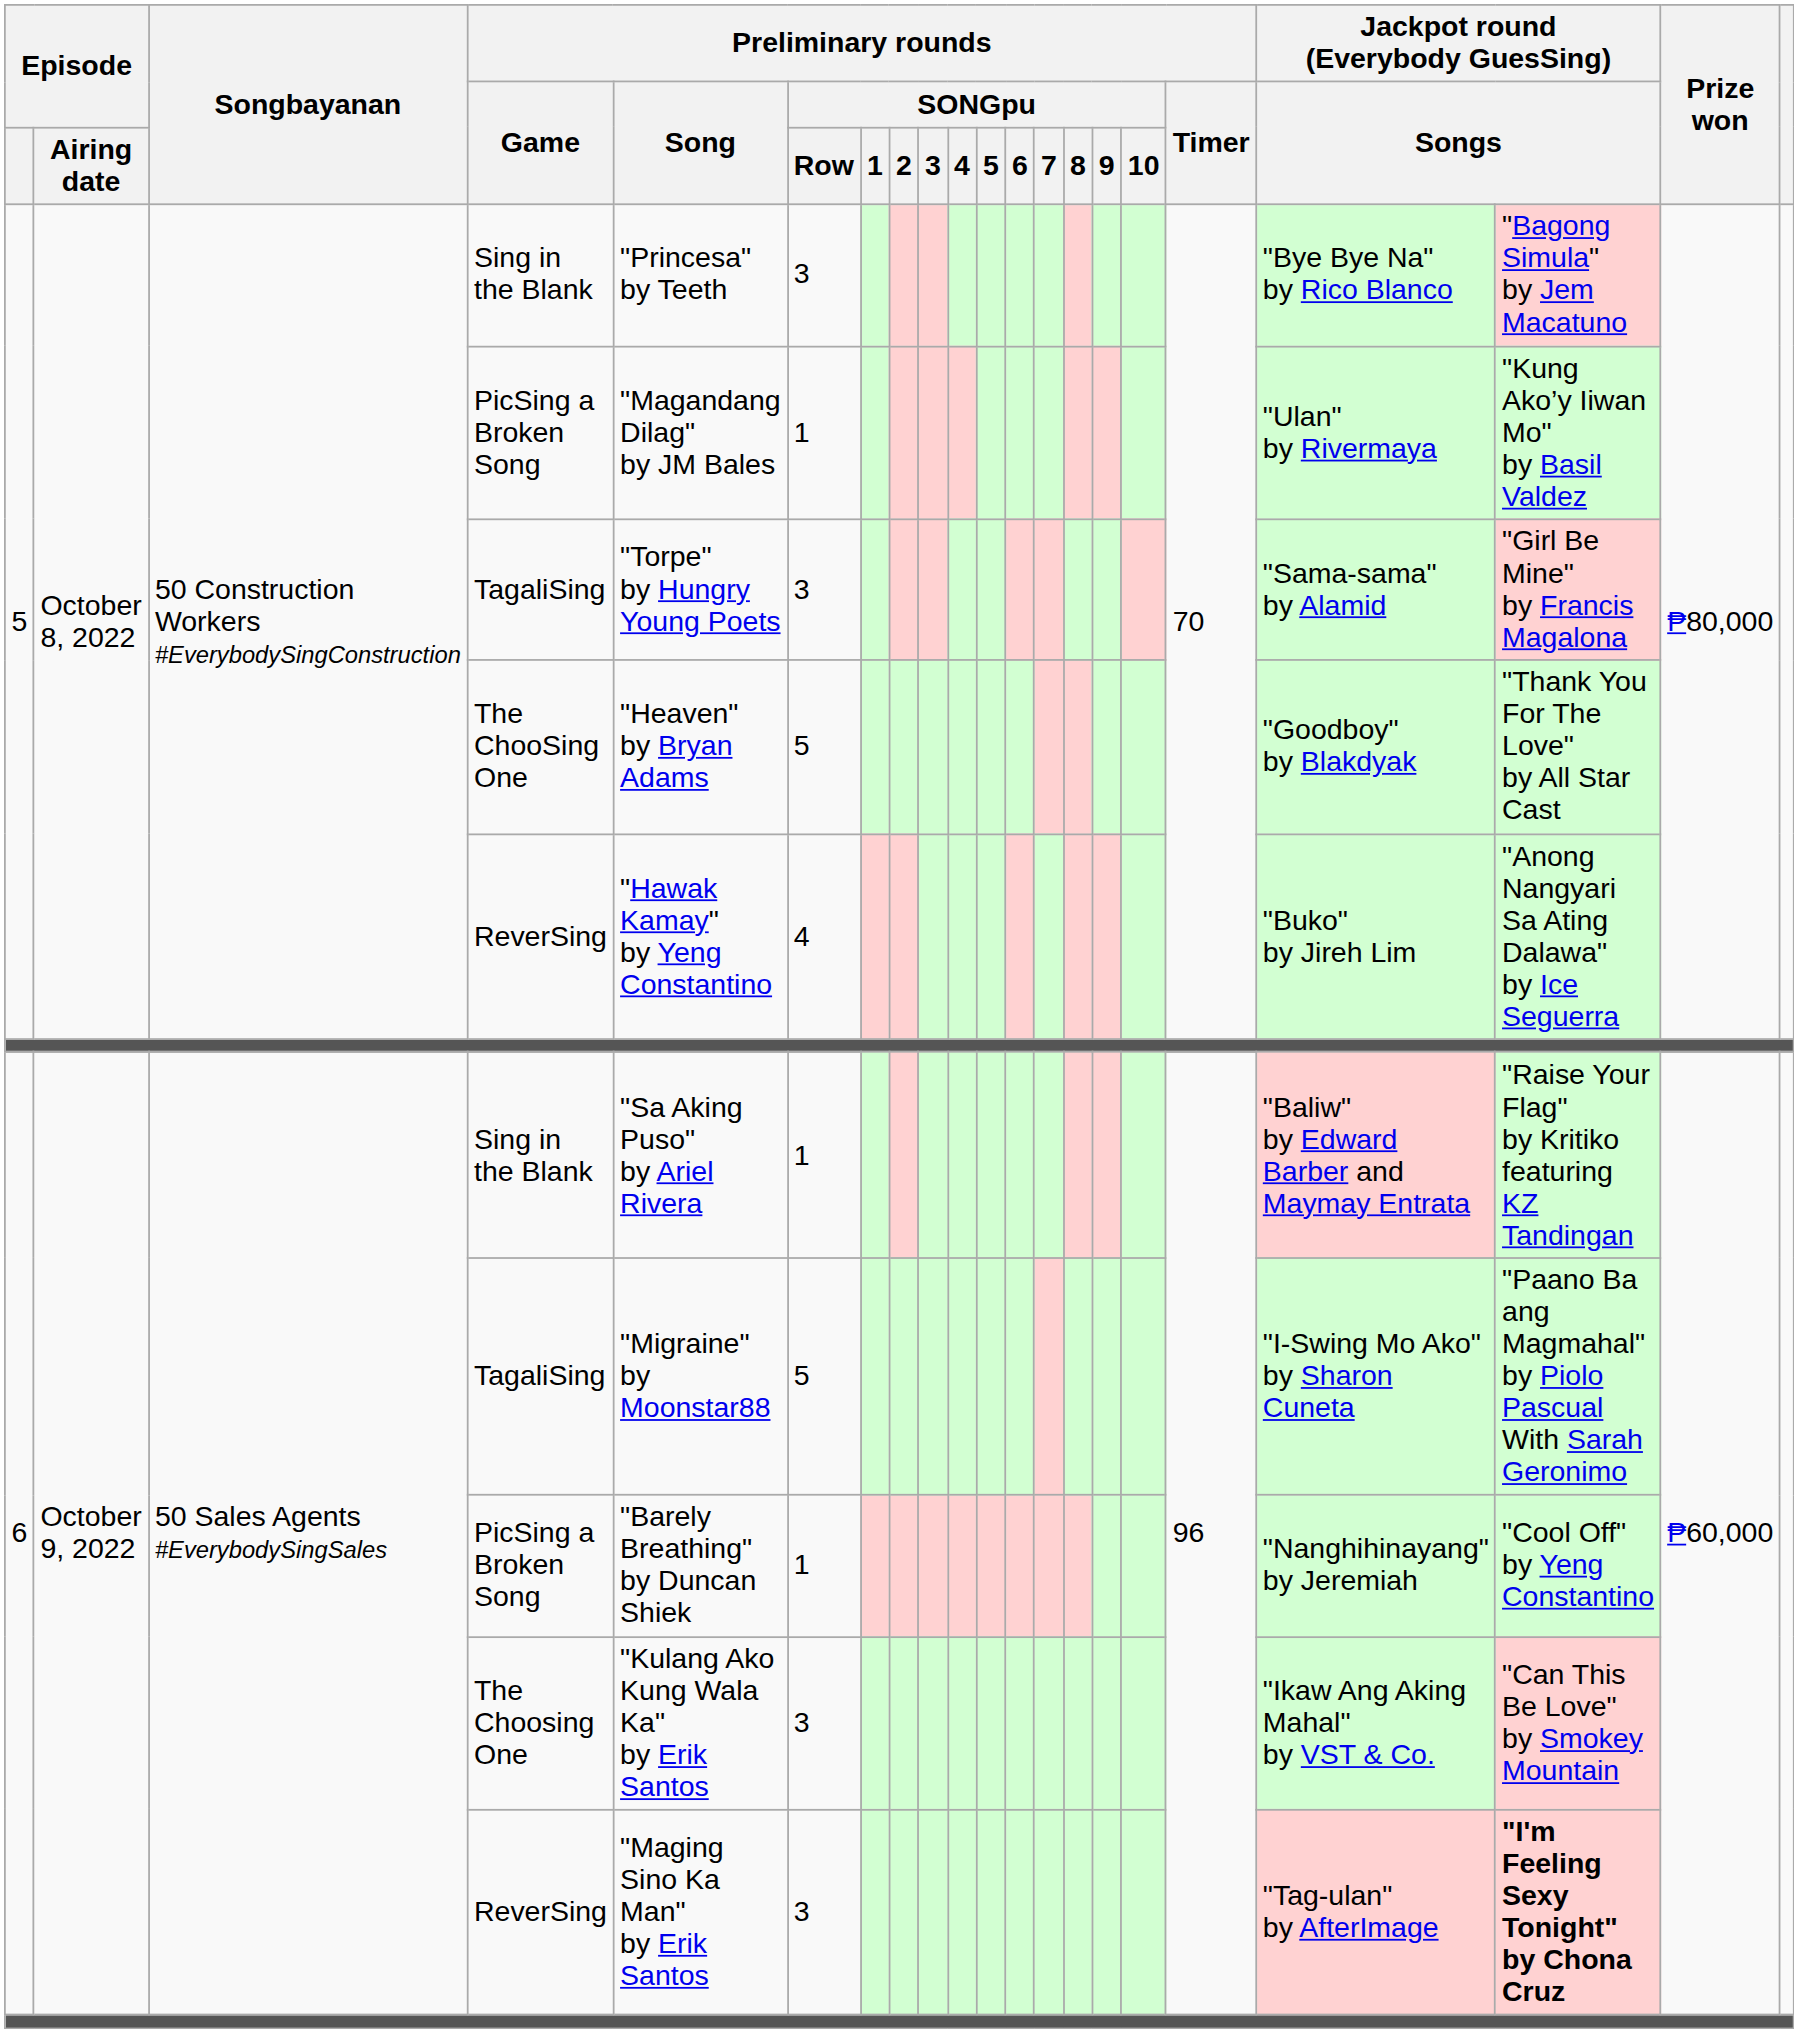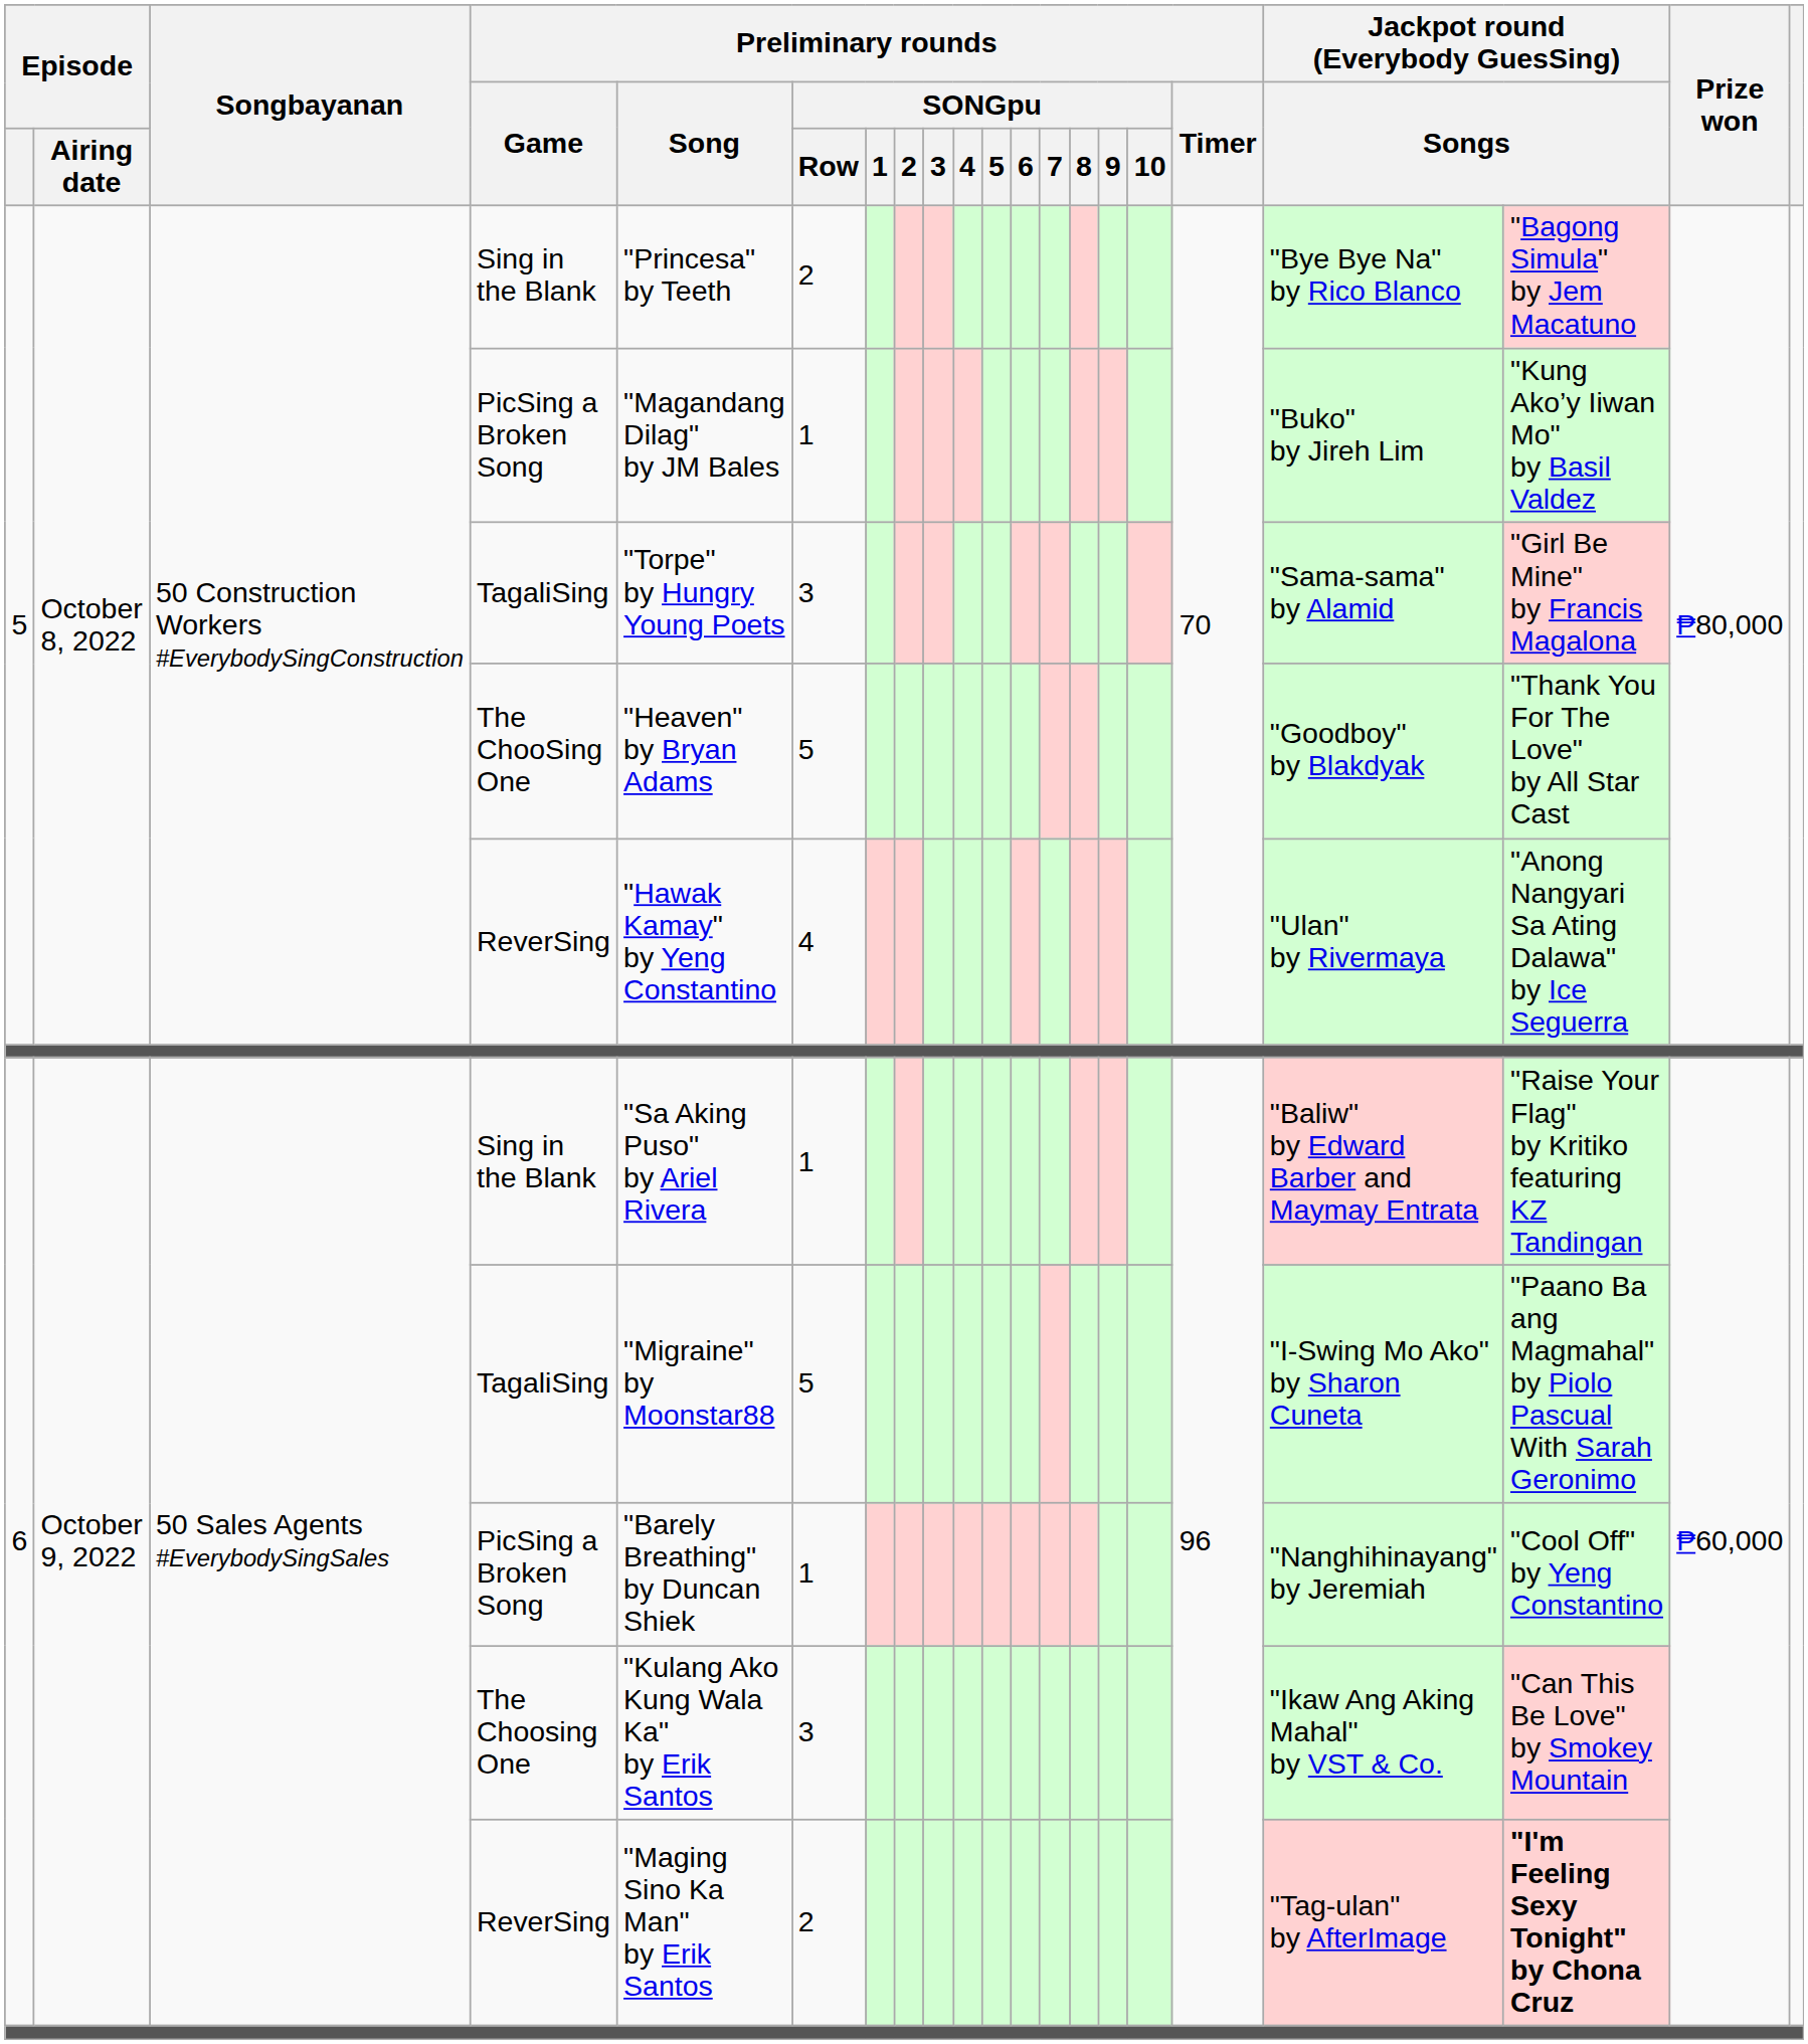 <table class="wikitable plainrowheaders mw-collapsible ">
 <tr>
 <th colspan="2" rowspan="2">Episode</th>
 <th rowspan="3">Songbayanan</th>
 <th colspan="14">Preliminary rounds</th>
 <th colspan="2">Jackpot round<br>(Everybody GuesSing)</th>
 <th rowspan="3">Prize won</th>
 <th rowspan="3"></th>
 </tr>
 <tr>
 <th rowspan="2">Game</th>
 <th rowspan="2">Song</th>
 <th colspan="11">SONGpu</th>
 <th rowspan="2">Timer</th>
 <th colspan="2" rowspan="2">Songs</th>
 </tr>
 <tr>
 <th></th>
 <th>Airing date</th>
 <th>Row</th>
 <th>1</th>
 <th>2</th>
 <th>3</th>
 <th>4</th>
 <th>5</th>
 <th>6</th>
 <th>7</th>
 <th>8</th>
 <th>9</th>
 <th>10</th>
 </tr>
 <tr>
 <td rowspan="5">5</td>
 <td rowspan="5">October 8, 2022</td>
 <td rowspan="5">50 Construction Workers<br><small><em>#EverybodySingConstruction</em></small></td>
 <td>Sing in the Blank</td>
 <td>"Princesa"<br>by Teeth</td>
-<td>3</td>
+<td>2</td>
 <td style="background:#D2FFD2"></td>
 <td style="background:#FFD2D2"></td>
 <td style="background:#FFD2D2"></td>
 <td style="background:#D2FFD2"></td>
 <td style="background:#D2FFD2"></td>
 <td style="background:#D2FFD2"></td>
 <td style="background:#D2FFD2"></td>
 <td style="background:#FFD2D2"></td>
 <td style="background:#D2FFD2"></td>
 <td style="background:#D2FFD2"></td>
 <td rowspan="5">70 </td>
 <td style="background:#D2FFD2">"Bye Bye Na"<br>by <a href='#'>Rico Blanco</a></td>
 <td style="background:#FFD2D2">"<a href='#'>Bagong Simula</a>"<br>by <a href='#'>Jem Macatuno</a></td>
 <td rowspan="5"><a href='#'>₱</a>80,000</td>
 <td rowspan="5"></td>
 </tr>
 <tr>
 <td>PicSing a Broken Song</td>
 <td>"Magandang Dilag"<br>by JM Bales</td>
 <td>1</td>
 <td style="background:#D2FFD2"></td>
 <td style="background:#FFD2D2"></td>
 <td style="background:#FFD2D2"></td>
 <td style="background:#FFD2D2"></td>
 <td style="background:#D2FFD2"></td>
 <td style="background:#D2FFD2"></td>
 <td style="background:#D2FFD2"></td>
 <td style="background:#FFD2D2"></td>
 <td style="background:#FFD2D2"></td>
 <td style="background:#D2FFD2"></td>
-<td style="background:#D2FFD2">"Ulan"<br>by <a href='#'>Rivermaya</a></td>
+<td style="background:#D2FFD2">"Buko"<br>by Jireh Lim</td>
 <td style="background:#D2FFD2">"Kung Ako’y Iiwan Mo"<br>by <a href='#'>Basil Valdez</a></td>
 </tr>
 <tr>
 <td>TagaliSing</td>
 <td>"Torpe"<br>by <a href='#'>Hungry Young Poets</a></td>
 <td>3</td>
 <td style="background:#D2FFD2"></td>
 <td style="background:#FFD2D2"></td>
 <td style="background:#FFD2D2"></td>
 <td style="background:#D2FFD2"></td>
 <td style="background:#D2FFD2"></td>
 <td style="background:#FFD2D2"></td>
 <td style="background:#FFD2D2"></td>
 <td style="background:#D2FFD2"></td>
 <td style="background:#D2FFD2"></td>
 <td style="background:#FFD2D2"></td>
 <td style="background:#D2FFD2">"Sama-sama"<br>by <a href='#'>Alamid</a></td>
 <td style="background:#FFD2D2">"Girl Be Mine"<br>by <a href='#'>Francis Magalona</a></td>
 </tr>
 <tr>
 <td>The ChooSing One</td>
 <td>"Heaven"<br>by <a href='#'>Bryan Adams</a></td>
 <td>5</td>
 <td style="background:#D2FFD2"></td>
 <td style="background:#D2FFD2"></td>
 <td style="background:#D2FFD2"></td>
 <td style="background:#D2FFD2"></td>
 <td style="background:#D2FFD2"></td>
 <td style="background:#D2FFD2"></td>
 <td style="background:#FFD2D2"></td>
 <td style="background:#FFD2D2"></td>
 <td style="background:#D2FFD2"></td>
 <td style="background:#D2FFD2"></td>
 <td style="background:#D2FFD2">"Goodboy"<br>by <a href='#'>Blakdyak</a></td>
 <td style="background:#D2FFD2">"Thank You For The Love"<br>by All Star Cast</td>
 </tr>
 <tr>
 <td>ReverSing</td>
 <td>"<a href='#'>Hawak Kamay</a>"<br>by <a href='#'>Yeng Constantino</a></td>
 <td>4</td>
 <td style="background:#FFD2D2"></td>
 <td style="background:#FFD2D2"></td>
 <td style="background:#D2FFD2"></td>
 <td style="background:#D2FFD2"></td>
 <td style="background:#D2FFD2"></td>
 <td style="background:#FFD2D2"></td>
 <td style="background:#D2FFD2"></td>
 <td style="background:#FFD2D2"></td>
 <td style="background:#FFD2D2"></td>
 <td style="background:#D2FFD2"></td>
-<td style="background:#D2FFD2">"Buko"<br>by Jireh Lim</td>
+<td style="background:#D2FFD2">"Ulan"<br>by <a href='#'>Rivermaya</a></td>
 <td style="background:#D2FFD2">"Anong Nangyari Sa Ating Dalawa"<br>by <a href='#'>Ice Seguerra</a></td>
 </tr>
 <tr>
 <th colspan="21" style="background:#555;"></th>
 </tr>
 <tr>
 <td rowspan="5">6</td>
 <td rowspan="5">October 9, 2022</td>
 <td rowspan="5">50 Sales Agents<br><small><em>#EverybodySingSales</em></small></td>
 <td>Sing in the Blank</td>
 <td>"Sa Aking Puso"<br>by <a href='#'>Ariel Rivera</a></td>
 <td>1</td>
 <td style="background:#D2FFD2"></td>
 <td style="background:#FFD2D2"></td>
 <td style="background:#D2FFD2"></td>
 <td style="background:#D2FFD2"></td>
 <td style="background:#D2FFD2"></td>
 <td style="background:#D2FFD2"></td>
 <td style="background:#D2FFD2"></td>
 <td style="background:#FFD2D2"></td>
 <td style="background:#FFD2D2"></td>
 <td style="background:#D2FFD2"></td>
 <td rowspan="5">96 </td>
 <td style="background:#FFD2D2">"Baliw"<br>by <a href='#'>Edward Barber</a> and <a href='#'>Maymay Entrata</a></td>
 <td style="background:#D2FFD2">"Raise Your Flag"<br>by Kritiko featuring<br> <a href='#'>KZ Tandingan</a></td>
 <td rowspan="5"><a href='#'>₱</a>60,000</td>
 <td rowspan="5"></td>
 </tr>
 <tr>
 <td>TagaliSing</td>
 <td>"Migraine"<br>by <a href='#'>Moonstar88</a></td>
 <td>5</td>
 <td style="background:#D2FFD2"></td>
 <td style="background:#D2FFD2"></td>
 <td style="background:#D2FFD2"></td>
 <td style="background:#D2FFD2"></td>
 <td style="background:#D2FFD2"></td>
 <td style="background:#D2FFD2"></td>
 <td style="background:#FFD2D2"></td>
 <td style="background:#D2FFD2"></td>
 <td style="background:#D2FFD2"></td>
 <td style="background:#D2FFD2"></td>
 <td style="background:#D2FFD2">"I-Swing Mo Ako"<br>by <a href='#'>Sharon Cuneta</a></td>
 <td style="background:#D2FFD2">"Paano Ba ang Magmahal"<br>by <a href='#'>Piolo Pascual</a> With <a href='#'>Sarah Geronimo</a></td>
 </tr>
 <tr>
 <td>PicSing a Broken Song</td>
 <td>"Barely Breathing"<br>by Duncan Shiek</td>
 <td>1</td>
 <td style="background:#FFD2D2"></td>
 <td style="background:#FFD2D2"></td>
 <td style="background:#FFD2D2"></td>
 <td style="background:#FFD2D2"></td>
 <td style="background:#FFD2D2"></td>
 <td style="background:#FFD2D2"></td>
 <td style="background:#FFD2D2"></td>
 <td style="background:#FFD2D2"></td>
 <td style="background:#D2FFD2"></td>
 <td style="background:#D2FFD2"></td>
 <td style="background:#D2FFD2">"Nanghihinayang"<br>by Jeremiah</td>
 <td style="background:#D2FFD2">"Cool Off"<br>by <a href='#'>Yeng Constantino</a></td>
 </tr>
 <tr>
 <td>The Choosing One</td>
 <td>"Kulang Ako Kung Wala Ka"<br>by <a href='#'>Erik Santos</a></td>
 <td>3</td>
 <td style="background:#D2FFD2"></td>
 <td style="background:#D2FFD2"></td>
 <td style="background:#D2FFD2"></td>
 <td style="background:#D2FFD2"></td>
 <td style="background:#D2FFD2"></td>
 <td style="background:#D2FFD2"></td>
 <td style="background:#D2FFD2"></td>
 <td style="background:#D2FFD2"></td>
 <td style="background:#D2FFD2"></td>
 <td style="background:#D2FFD2"></td>
 <td style="background:#D2FFD2">"Ikaw Ang Aking Mahal"<br>by <a href='#'>VST & Co.</a></td>
 <td style="background:#FFD2D2">"Can This Be Love"<br>by <a href='#'>Smokey Mountain</a></td>
 </tr>
 <tr>
 <td>ReverSing</td>
 <td>"Maging Sino Ka Man"<br>by <a href='#'>Erik Santos</a></td>
-<td>3</td>
+<td>2</td>
 <td style="background:#D2FFD2"></td>
 <td style="background:#D2FFD2"></td>
 <td style="background:#D2FFD2"></td>
 <td style="background:#D2FFD2"></td>
 <td style="background:#D2FFD2"></td>
 <td style="background:#D2FFD2"></td>
 <td style="background:#D2FFD2"></td>
 <td style="background:#D2FFD2"></td>
 <td style="background:#D2FFD2"></td>
 <td style="background:#D2FFD2"></td>
 <td style="background:#FFD2D2">"Tag-ulan"<br>by <a href='#'>AfterImage</a></td>
 <td style="background:#FFD2D2"><strong>"I'm Feeling Sexy Tonight"<br>by Chona Cruz</strong></td>
 </tr>
 <tr>
 <th colspan="21" style="background:#555;"></th>
 </tr>
 <tr>
 </tr>
 </table>
